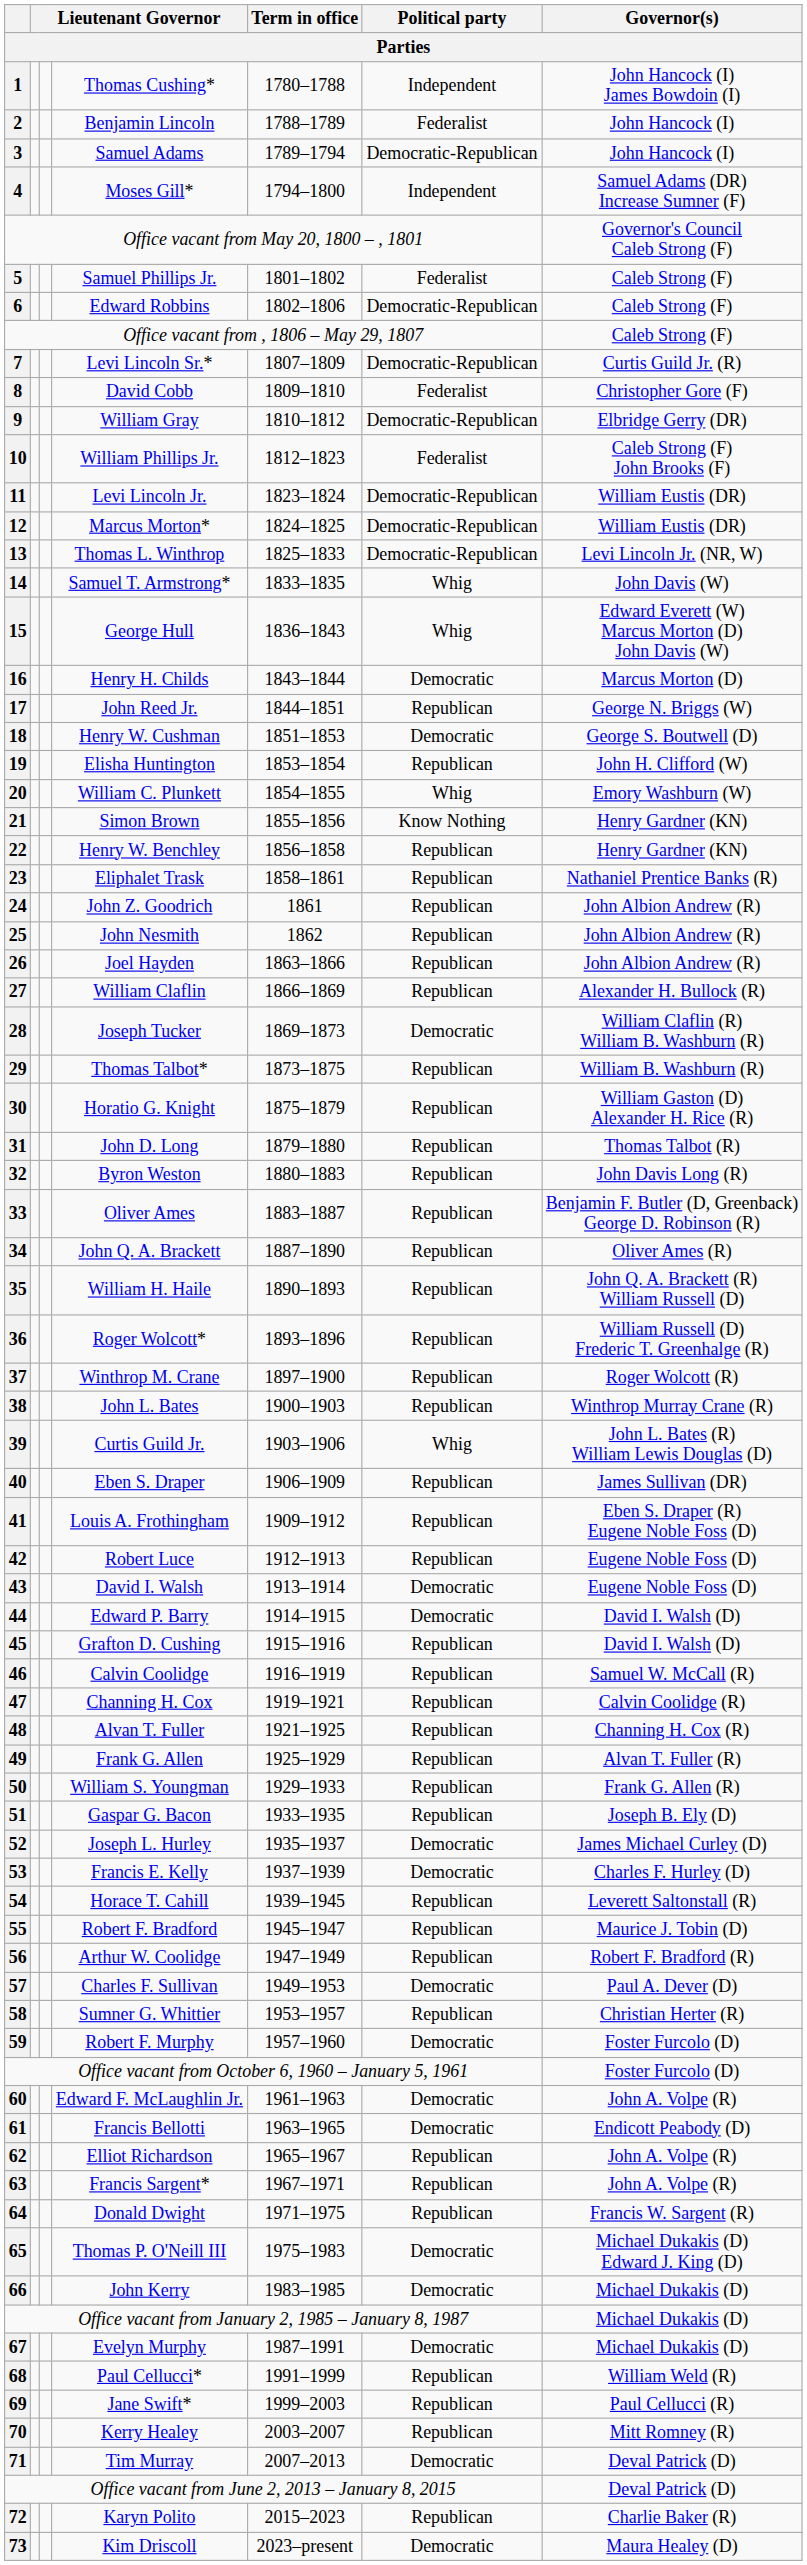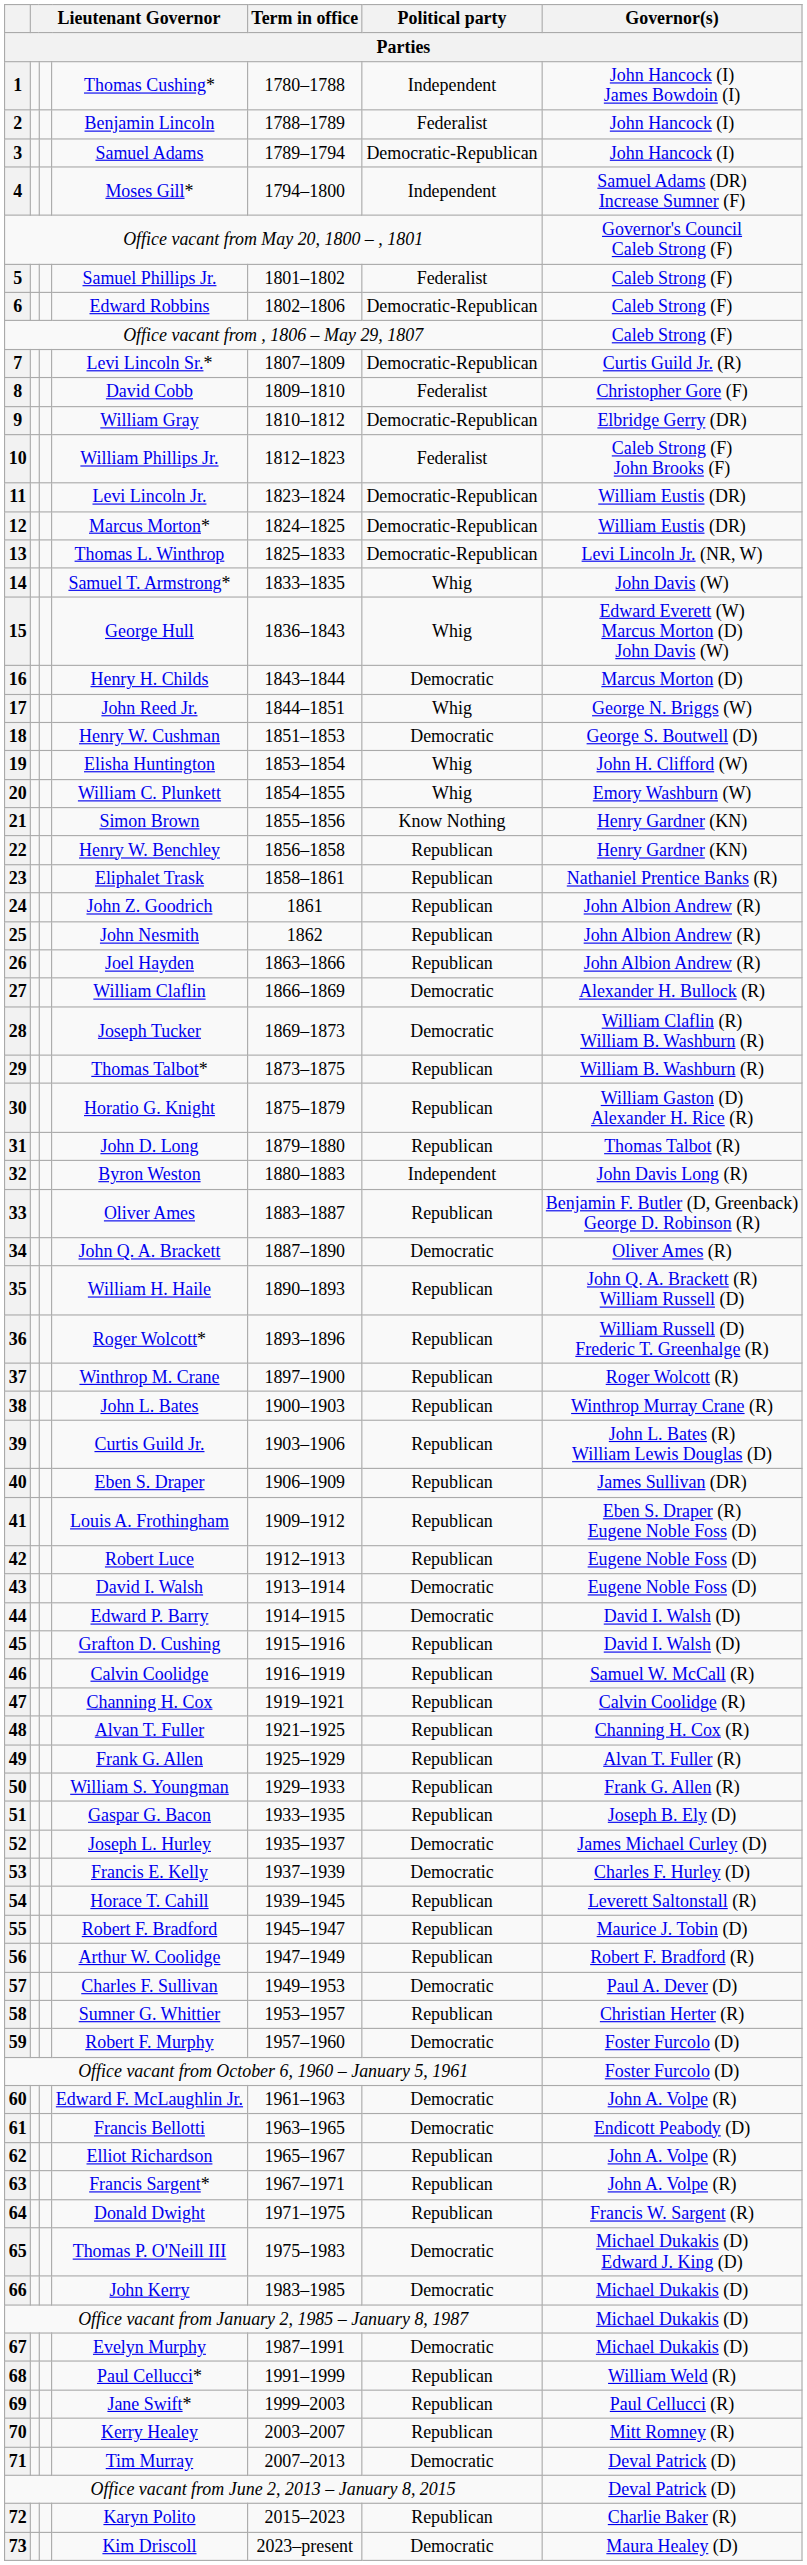 <table class="wikitable" style="text-align:center;">
 <tr>
 <th data-sort-type="number"></th>
 <th colspan="3">Lieutenant Governor</th>
 <th>Term in office</th>
 <th>Political party</th>
 <th>Governor(s)</th>
 </tr>
 <tr>
 <th colspan="7">Parties<br>      </th>
 </tr>
 <tr>
 <th>1</th>
 <td></td>
 <td></td>
 <td><a href='#'>Thomas Cushing</a>*</td>
 <td>1780–1788</td>
 <td>Independent</td>
 <td><a href='#'>John Hancock</a> (I)<br><a href='#'>James Bowdoin</a> (I)</td>
 </tr>
 <tr>
 <th>2</th>
 <td></td>
 <td style="background:"> </td>
 <td><a href='#'>Benjamin Lincoln</a></td>
 <td>1788–1789</td>
 <td>Federalist</td>
 <td><a href='#'>John Hancock</a> (I)</td>
 </tr>
 <tr>
 <th>3</th>
 <td></td>
 <td style="background:"> </td>
 <td><a href='#'>Samuel Adams</a></td>
 <td>1789–1794</td>
 <td>Democratic-Republican</td>
 <td><a href='#'>John Hancock</a> (I)</td>
 </tr>
 <tr>
 <th>4</th>
 <td></td>
 <td></td>
 <td><a href='#'>Moses Gill</a>*</td>
 <td>1794–1800</td>
 <td>Independent</td>
 <td><a href='#'>Samuel Adams</a> (DR)<br><a href='#'>Increase Sumner</a> (F)</td>
 </tr>
 <tr>
 <td colspan="6" align="center"><em>Office vacant from</em> <em>May 20, 1800 –</em> <em>, 1801</em></td>
 <td><a href='#'>Governor's Council</a><br><a href='#'>Caleb Strong</a> (F)</td>
 </tr>
 <tr>
 <th>5</th>
 <td></td>
 <td style="background:"> </td>
 <td><a href='#'>Samuel Phillips Jr.</a></td>
 <td>1801–1802</td>
 <td>Federalist</td>
 <td><a href='#'>Caleb Strong</a> (F)</td>
 </tr>
 <tr>
 <th>6</th>
 <td></td>
 <td style="background:"> </td>
 <td><a href='#'>Edward Robbins</a></td>
 <td>1802–1806</td>
 <td>Democratic-Republican</td>
 <td><a href='#'>Caleb Strong</a> (F)</td>
 </tr>
 <tr>
 <td colspan="6" align="center"><em>Office vacant from</em> <em>, 1806 – May 29, 1807</em></td>
 <td><a href='#'>Caleb Strong</a> (F)</td>
 </tr>
 <tr>
 <th>7</th>
 <td></td>
 <td style="background:"> </td>
 <td><a href='#'>Levi Lincoln Sr.</a>*</td>
 <td>1807–1809</td>
 <td>Democratic-Republican</td>
 <td><a href='#'>Curtis Guild Jr.</a> (R)</td>
 </tr>
 <tr>
 <th>8</th>
 <td></td>
 <td style="background:"> </td>
 <td><a href='#'>David Cobb</a></td>
 <td>1809–1810</td>
 <td>Federalist</td>
 <td><a href='#'>Christopher Gore</a> (F)</td>
 </tr>
 <tr>
 <th>9</th>
 <td></td>
 <td style="background:"> </td>
 <td><a href='#'>William Gray</a></td>
 <td>1810–1812</td>
 <td>Democratic-Republican</td>
 <td><a href='#'>Elbridge Gerry</a> (DR)</td>
 </tr>
 <tr>
 <th>10</th>
 <td></td>
 <td style="background:"> </td>
 <td><a href='#'>William Phillips Jr.</a></td>
 <td>1812–1823</td>
 <td>Federalist</td>
 <td><a href='#'>Caleb Strong</a> (F)<br><a href='#'>John Brooks</a> (F)</td>
 </tr>
 <tr>
 <th>11</th>
 <td></td>
 <td style="background:"> </td>
 <td><a href='#'>Levi Lincoln Jr.</a></td>
 <td>1823–1824</td>
 <td>Democratic-Republican</td>
 <td><a href='#'>William Eustis</a> (DR)</td>
 </tr>
 <tr>
 <th>12</th>
 <td></td>
 <td style="background:"> </td>
 <td><a href='#'>Marcus Morton</a>*</td>
 <td>1824–1825</td>
 <td>Democratic-Republican</td>
 <td><a href='#'>William Eustis</a> (DR)</td>
 </tr>
 <tr>
 <th>13</th>
 <td></td>
 <td style="background:"> </td>
 <td><a href='#'>Thomas L. Winthrop</a></td>
 <td>1825–1833</td>
 <td>Democratic-Republican</td>
 <td><a href='#'>Levi Lincoln Jr.</a> (NR, W)</td>
 </tr>
 <tr>
 <th>14</th>
 <td></td>
 <td style="background:"> </td>
 <td><a href='#'>Samuel T. Armstrong</a>*</td>
 <td>1833–1835</td>
 <td>Whig</td>
 <td><a href='#'>John Davis</a> (W)</td>
 </tr>
 <tr>
 <th>15</th>
 <td></td>
 <td style="background:"> </td>
 <td><a href='#'>George Hull</a></td>
 <td>1836–1843</td>
 <td>Whig</td>
 <td><a href='#'>Edward Everett</a> (W)<br><a href='#'>Marcus Morton</a> (D)<br><a href='#'>John Davis</a> (W)</td>
 </tr>
 <tr>
 <th>16</th>
 <td></td>
 <td style="background:"> </td>
 <td><a href='#'>Henry H. Childs</a></td>
 <td>1843–1844</td>
 <td>Democratic</td>
 <td><a href='#'>Marcus Morton</a> (D)</td>
 </tr>
 <tr>
 <th>17</th>
 <td></td>
 <td style="background:"> </td>
 <td><a href='#'>John Reed Jr.</a></td>
 <td>1844–1851</td>
-<td>Republican</td>
+<td>Whig</td>
 <td><a href='#'>George N. Briggs</a> (W)</td>
 </tr>
 <tr>
 <th>18</th>
 <td></td>
 <td style="background:"> </td>
 <td><a href='#'>Henry W. Cushman</a></td>
 <td>1851–1853</td>
 <td>Democratic</td>
 <td><a href='#'>George S. Boutwell</a> (D)</td>
 </tr>
 <tr>
 <th>19</th>
 <td></td>
 <td style="background:"> </td>
 <td><a href='#'>Elisha Huntington</a></td>
 <td>1853–1854</td>
-<td>Republican</td>
+<td>Whig</td>
 <td><a href='#'>John H. Clifford</a> (W)</td>
 </tr>
 <tr>
 <th>20</th>
 <td></td>
 <td style="background:"> </td>
 <td><a href='#'>William C. Plunkett</a></td>
 <td>1854–1855</td>
 <td>Whig</td>
 <td><a href='#'>Emory Washburn</a> (W)</td>
 </tr>
 <tr>
 <th>21</th>
 <td></td>
 <td style="background:"> </td>
 <td><a href='#'>Simon Brown</a></td>
 <td>1855–1856</td>
 <td>Know Nothing</td>
 <td><a href='#'>Henry Gardner</a> (KN)</td>
 </tr>
 <tr>
 <th>22</th>
 <td></td>
 <td style="background:"> </td>
 <td><a href='#'>Henry W. Benchley</a></td>
 <td>1856–1858</td>
 <td>Republican</td>
 <td><a href='#'>Henry Gardner</a> (KN)</td>
 </tr>
 <tr>
 <th>23</th>
 <td></td>
 <td style="background:"> </td>
 <td><a href='#'>Eliphalet Trask</a></td>
 <td>1858–1861</td>
 <td>Republican</td>
 <td><a href='#'>Nathaniel Prentice Banks</a> (R)</td>
 </tr>
 <tr>
 <th>24</th>
 <td></td>
 <td style="background:"> </td>
 <td><a href='#'>John Z. Goodrich</a></td>
 <td>1861</td>
 <td>Republican</td>
 <td><a href='#'>John Albion Andrew</a> (R)</td>
 </tr>
 <tr>
 <th>25</th>
 <td></td>
 <td style="background:"> </td>
 <td><a href='#'>John Nesmith</a></td>
 <td>1862</td>
 <td>Republican</td>
 <td><a href='#'>John Albion Andrew</a> (R)</td>
 </tr>
 <tr>
 <th>26</th>
 <td></td>
 <td style="background:"> </td>
 <td><a href='#'>Joel Hayden</a></td>
 <td>1863–1866</td>
 <td>Republican</td>
 <td><a href='#'>John Albion Andrew</a> (R)</td>
 </tr>
 <tr>
 <th>27</th>
 <td></td>
 <td style="background:"> </td>
 <td><a href='#'>William Claflin</a></td>
 <td>1866–1869</td>
-<td>Republican</td>
+<td>Democratic</td>
 <td><a href='#'>Alexander H. Bullock</a> (R)</td>
 </tr>
 <tr>
 <th>28</th>
 <td></td>
 <td style="background:"> </td>
 <td><a href='#'>Joseph Tucker</a></td>
 <td>1869–1873</td>
 <td>Democratic</td>
 <td><a href='#'>William Claflin</a> (R)<br><a href='#'>William B. Washburn</a> (R)</td>
 </tr>
 <tr>
 <th>29</th>
 <td></td>
 <td style="background:"> </td>
 <td><a href='#'>Thomas Talbot</a>*</td>
 <td>1873–1875</td>
 <td>Republican</td>
 <td><a href='#'>William B. Washburn</a> (R)</td>
 </tr>
 <tr>
 <th>30</th>
 <td></td>
 <td style="background:"> </td>
 <td><a href='#'>Horatio G. Knight</a></td>
 <td>1875–1879</td>
 <td>Republican</td>
 <td><a href='#'>William Gaston</a> (D)<br><a href='#'>Alexander H. Rice</a> (R)</td>
 </tr>
 <tr>
 <th>31</th>
 <td></td>
 <td style="background:"> </td>
 <td><a href='#'>John D. Long</a></td>
 <td>1879–1880</td>
 <td>Republican</td>
 <td><a href='#'>Thomas Talbot</a> (R)</td>
 </tr>
 <tr>
 <th>32</th>
 <td></td>
 <td style="background:"> </td>
 <td><a href='#'>Byron Weston</a></td>
 <td>1880–1883</td>
-<td>Republican</td>
+<td>Independent</td>
 <td><a href='#'>John Davis Long</a> (R)</td>
 </tr>
 <tr>
 <th>33</th>
 <td></td>
 <td style="background:"> </td>
 <td><a href='#'>Oliver Ames</a></td>
 <td>1883–1887</td>
 <td>Republican</td>
 <td><a href='#'>Benjamin F. Butler</a> (D, Greenback)<br><a href='#'>George D. Robinson</a> (R)</td>
 </tr>
 <tr>
 <th>34</th>
 <td></td>
 <td style="background:"> </td>
 <td><a href='#'>John Q. A. Brackett</a></td>
 <td>1887–1890</td>
-<td>Republican</td>
+<td>Democratic</td>
 <td><a href='#'>Oliver Ames</a> (R)</td>
 </tr>
 <tr>
 <th>35</th>
 <td></td>
 <td style="background:"> </td>
 <td><a href='#'>William H. Haile</a></td>
 <td>1890–1893</td>
 <td>Republican</td>
 <td><a href='#'>John Q. A. Brackett</a> (R)<br><a href='#'>William Russell</a> (D)</td>
 </tr>
 <tr>
 <th>36</th>
 <td></td>
 <td style="background:"> </td>
 <td><a href='#'>Roger Wolcott</a>*</td>
 <td>1893–1896</td>
 <td>Republican</td>
 <td><a href='#'>William Russell</a> (D)<br><a href='#'>Frederic T. Greenhalge</a> (R)</td>
 </tr>
 <tr>
 <th>37</th>
 <td></td>
 <td style="background:"> </td>
 <td><a href='#'>Winthrop M. Crane</a></td>
 <td>1897–1900</td>
 <td>Republican</td>
 <td><a href='#'>Roger Wolcott</a> (R)</td>
 </tr>
 <tr>
 <th>38</th>
 <td></td>
 <td style="background:"> </td>
 <td><a href='#'>John L. Bates</a></td>
 <td>1900–1903</td>
 <td>Republican</td>
 <td><a href='#'>Winthrop Murray Crane</a> (R)</td>
 </tr>
 <tr>
 <th>39</th>
 <td></td>
 <td style="background:"> </td>
 <td><a href='#'>Curtis Guild Jr.</a></td>
 <td>1903–1906</td>
-<td>Whig</td>
+<td>Republican</td>
 <td><a href='#'>John L. Bates</a> (R)<br><a href='#'>William Lewis Douglas</a> (D)</td>
 </tr>
 <tr>
 <th>40</th>
 <td></td>
 <td style="background:"> </td>
 <td><a href='#'>Eben S. Draper</a></td>
 <td>1906–1909</td>
 <td>Republican</td>
 <td><a href='#'>James Sullivan</a> (DR)</td>
 </tr>
 <tr>
 <th>41</th>
 <td></td>
 <td style="background:"> </td>
 <td><a href='#'>Louis A. Frothingham</a></td>
 <td>1909–1912</td>
 <td>Republican</td>
 <td><a href='#'>Eben S. Draper</a> (R)<br><a href='#'>Eugene Noble Foss</a> (D)</td>
 </tr>
 <tr>
 <th>42</th>
 <td></td>
 <td style="background:"> </td>
 <td><a href='#'>Robert Luce</a></td>
 <td>1912–1913</td>
 <td>Republican</td>
 <td><a href='#'>Eugene Noble Foss</a> (D)</td>
 </tr>
 <tr>
 <th>43</th>
 <td></td>
 <td style="background:"> </td>
 <td><a href='#'>David I. Walsh</a></td>
 <td>1913–1914</td>
 <td>Democratic</td>
 <td><a href='#'>Eugene Noble Foss</a> (D)</td>
 </tr>
 <tr>
 <th>44</th>
 <td></td>
 <td style="background:"> </td>
 <td><a href='#'>Edward P. Barry</a></td>
 <td>1914–1915</td>
 <td>Democratic</td>
 <td><a href='#'>David I. Walsh</a> (D)</td>
 </tr>
 <tr>
 <th>45</th>
 <td></td>
 <td style="background:"> </td>
 <td><a href='#'>Grafton D. Cushing</a></td>
 <td>1915–1916</td>
 <td>Republican</td>
 <td><a href='#'>David I. Walsh</a> (D)</td>
 </tr>
 <tr>
 <th>46</th>
 <td></td>
 <td style="background:"> </td>
 <td><a href='#'>Calvin Coolidge</a></td>
 <td>1916–1919</td>
 <td>Republican</td>
 <td><a href='#'>Samuel W. McCall</a> (R)</td>
 </tr>
 <tr>
 <th>47</th>
 <td></td>
 <td style="background:"> </td>
 <td><a href='#'>Channing H. Cox</a></td>
 <td>1919–1921</td>
 <td>Republican</td>
 <td><a href='#'>Calvin Coolidge</a> (R)</td>
 </tr>
 <tr>
 <th>48</th>
 <td></td>
 <td style="background:"> </td>
 <td><a href='#'>Alvan T. Fuller</a></td>
 <td>1921–1925</td>
 <td>Republican</td>
 <td><a href='#'>Channing H. Cox</a> (R)</td>
 </tr>
 <tr>
 <th>49</th>
 <td></td>
 <td style="background:"> </td>
 <td><a href='#'>Frank G. Allen</a></td>
 <td>1925–1929</td>
 <td>Republican</td>
 <td><a href='#'>Alvan T. Fuller</a> (R)</td>
 </tr>
 <tr>
 <th>50</th>
 <td></td>
 <td style="background:"> </td>
 <td><a href='#'>William S. Youngman</a></td>
 <td>1929–1933</td>
 <td>Republican</td>
 <td><a href='#'>Frank G. Allen</a> (R)</td>
 </tr>
 <tr>
 <th>51</th>
 <td></td>
 <td style="background:"> </td>
 <td><a href='#'>Gaspar G. Bacon</a></td>
 <td>1933–1935</td>
 <td>Republican</td>
 <td><a href='#'>Joseph B. Ely</a> (D)</td>
 </tr>
 <tr>
 <th>52</th>
 <td></td>
 <td style="background:"> </td>
 <td><a href='#'>Joseph L. Hurley</a></td>
 <td>1935–1937</td>
 <td>Democratic</td>
 <td><a href='#'>James Michael Curley</a> (D)</td>
 </tr>
 <tr>
 <th>53</th>
 <td></td>
 <td style="background:"> </td>
 <td><a href='#'>Francis E. Kelly</a></td>
 <td>1937–1939</td>
 <td>Democratic</td>
 <td><a href='#'>Charles F. Hurley</a> (D)</td>
 </tr>
 <tr>
 <th>54</th>
 <td></td>
 <td style="background:"> </td>
 <td><a href='#'>Horace T. Cahill</a></td>
 <td>1939–1945</td>
 <td>Republican</td>
 <td><a href='#'>Leverett Saltonstall</a> (R)</td>
 </tr>
 <tr>
 <th>55</th>
 <td></td>
 <td style="background:"> </td>
 <td><a href='#'>Robert F. Bradford</a></td>
 <td>1945–1947</td>
 <td>Republican</td>
 <td><a href='#'>Maurice J. Tobin</a> (D)</td>
 </tr>
 <tr>
 <th>56</th>
 <td></td>
 <td style="background:"> </td>
 <td><a href='#'>Arthur W. Coolidge</a></td>
 <td>1947–1949</td>
 <td>Republican</td>
 <td><a href='#'>Robert F. Bradford</a> (R)</td>
 </tr>
 <tr>
 <th>57</th>
 <td></td>
 <td style="background:"> </td>
 <td><a href='#'>Charles F. Sullivan</a></td>
 <td>1949–1953</td>
 <td>Democratic</td>
 <td><a href='#'>Paul A. Dever</a> (D)</td>
 </tr>
 <tr>
 <th>58</th>
 <td></td>
 <td style="background:"> </td>
 <td><a href='#'>Sumner G. Whittier</a></td>
 <td>1953–1957</td>
 <td>Republican</td>
 <td><a href='#'>Christian Herter</a> (R)</td>
 </tr>
 <tr>
 <th>59</th>
 <td></td>
 <td style="background:"> </td>
 <td><a href='#'>Robert F. Murphy</a></td>
 <td>1957–1960</td>
 <td>Democratic</td>
 <td><a href='#'>Foster Furcolo</a> (D)</td>
 </tr>
 <tr>
 <td colspan="6" align="center"><em>Office vacant from October 6, 1960 – January 5, 1961</em></td>
 <td><a href='#'>Foster Furcolo</a> (D)</td>
 </tr>
 <tr>
 <th>60</th>
 <td></td>
 <td style="background:"> </td>
 <td><a href='#'>Edward F. McLaughlin Jr.</a></td>
 <td>1961–1963</td>
 <td>Democratic</td>
 <td><a href='#'>John A. Volpe</a> (R)</td>
 </tr>
 <tr>
 <th>61</th>
 <td></td>
 <td style="background:"> </td>
 <td><a href='#'>Francis Bellotti</a></td>
 <td>1963–1965</td>
 <td>Democratic</td>
 <td><a href='#'>Endicott Peabody</a> (D)</td>
 </tr>
 <tr>
 <th>62</th>
 <td></td>
 <td style="background:"> </td>
 <td><a href='#'>Elliot Richardson</a></td>
 <td>1965–1967</td>
 <td>Republican</td>
 <td><a href='#'>John A. Volpe</a> (R)</td>
 </tr>
 <tr>
 <th>63</th>
 <td></td>
 <td style="background:"> </td>
 <td><a href='#'>Francis Sargent</a>*</td>
 <td>1967–1971</td>
 <td>Republican</td>
 <td><a href='#'>John A. Volpe</a> (R)</td>
 </tr>
 <tr>
 <th>64</th>
 <td></td>
 <td style="background:"> </td>
 <td><a href='#'>Donald Dwight</a></td>
 <td>1971–1975</td>
 <td>Republican</td>
 <td><a href='#'>Francis W. Sargent</a> (R)</td>
 </tr>
 <tr>
 <th>65</th>
 <td></td>
 <td style="background:"> </td>
 <td><a href='#'>Thomas P. O'Neill III</a></td>
 <td>1975–1983</td>
 <td>Democratic</td>
 <td><a href='#'>Michael Dukakis</a> (D)<br><a href='#'>Edward J. King</a> (D)</td>
 </tr>
 <tr>
 <th>66</th>
 <td></td>
 <td style="background:"> </td>
 <td><a href='#'>John Kerry</a></td>
 <td>1983–1985</td>
 <td>Democratic</td>
 <td><a href='#'>Michael Dukakis</a> (D)</td>
 </tr>
 <tr>
 <td colspan="6" align="center"><em>Office vacant from January 2, 1985 – January 8, 1987</em></td>
 <td><a href='#'>Michael Dukakis</a> (D)</td>
 </tr>
 <tr>
 <th>67</th>
 <td></td>
 <td style="background:"> </td>
 <td><a href='#'>Evelyn Murphy</a></td>
 <td>1987–1991</td>
 <td>Democratic</td>
 <td><a href='#'>Michael Dukakis</a> (D)</td>
 </tr>
 <tr>
 <th>68</th>
 <td></td>
 <td style="background:"> </td>
 <td><a href='#'>Paul Cellucci</a>*</td>
 <td>1991–1999</td>
 <td>Republican</td>
 <td><a href='#'>William Weld</a> (R)</td>
 </tr>
 <tr>
 <th>69</th>
 <td></td>
 <td style="background:"> </td>
 <td><a href='#'>Jane Swift</a>*</td>
 <td>1999–2003</td>
 <td>Republican</td>
 <td><a href='#'>Paul Cellucci</a> (R)</td>
 </tr>
 <tr>
 <th>70</th>
 <td></td>
 <td style="background:"> </td>
 <td><a href='#'>Kerry Healey</a></td>
 <td>2003–2007</td>
 <td>Republican</td>
 <td><a href='#'>Mitt Romney</a> (R)</td>
 </tr>
 <tr>
 <th>71</th>
 <td></td>
 <td style="background:"> </td>
 <td><a href='#'>Tim Murray</a></td>
 <td>2007–2013</td>
 <td>Democratic</td>
 <td><a href='#'>Deval Patrick</a> (D)</td>
 </tr>
 <tr>
 <td colspan="6" align="center"><em>Office vacant from June 2, 2013 – January 8, 2015</em></td>
 <td><a href='#'>Deval Patrick</a> (D)</td>
 </tr>
 <tr>
 <th>72</th>
 <td></td>
 <td style="background:"> </td>
 <td><a href='#'>Karyn Polito</a></td>
 <td>2015–2023</td>
 <td>Republican</td>
 <td><a href='#'>Charlie Baker</a> (R)</td>
 </tr>
 <tr>
 <th>73</th>
 <td></td>
 <td style="background:"> </td>
 <td><a href='#'>Kim Driscoll</a></td>
 <td>2023–present</td>
 <td>Democratic</td>
 <td><a href='#'>Maura Healey</a> (D)</td>
 </tr>
 </table>
